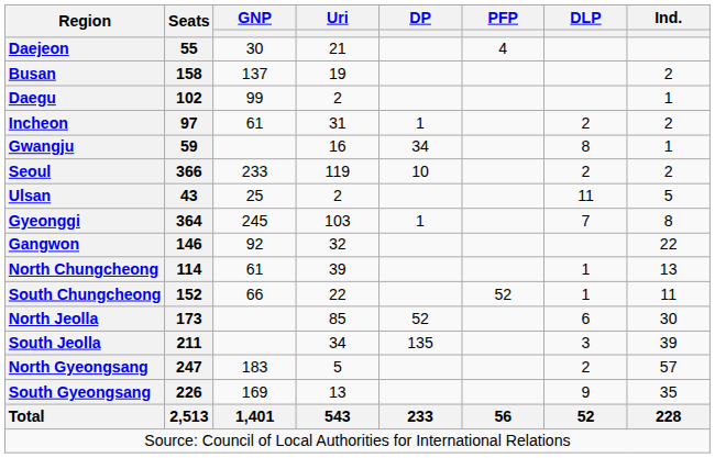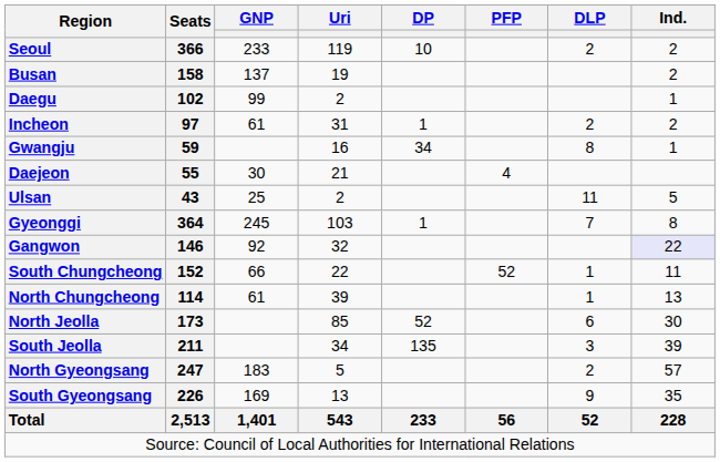 <table class="wikitable" style="text-align:center; font-size: 0.9em;">
 <tr>
 <th rowspan="2">Region</th>
 <th rowspan="2">Seats</th>
 <th class="unsortable" style="width:70px;"><a href='#'>GNP</a></th>
 <th class="unsortable" style="width:70px;"><a href='#'>Uri</a></th>
 <th class="unsortable" style="width:70px;"><a href='#'>DP</a></th>
 <th class="unsortable" style="width:70px;"><a href='#'>PFP</a></th>
 <th class="unsortable" style="width:70px;"><a href='#'>DLP</a></th>
 <th class="unsortable" style="width:70px;">Ind.</th>
 </tr>
 <tr>
 <th style="background:"></th>
 <th style="background:"></th>
 <th style="background:"></th>
 <th style="background:"></th>
 <th style="background:"></th>
 <th style="background:"></th>
 </tr>
 <tr>
-<th style="text-align: left;"><a href='#'>Daejeon</a></th>
-<th>55</th>
-<td>30</td>
-<td>21</td>
+<th style="text-align: left;"><a href='#'>Seoul</a></th>
+<th>366</th>
+<td>233</td>
+<td>119</td>
+<td>10</td>
 <td></td>
-<td>4</td>
-<td></td>
-<td></td>
+<td>2</td>
+<td>2</td>
 </tr>
 <tr>
 <th style="text-align: left;"><a href='#'>Busan</a></th>
 <th>158</th>
 <td>137</td>
 <td>19</td>
 <td></td>
 <td></td>
 <td></td>
 <td>2</td>
 </tr>
 <tr>
 <th style="text-align: left;"><a href='#'>Daegu</a></th>
 <th>102</th>
 <td>99</td>
 <td>2</td>
 <td></td>
 <td></td>
 <td></td>
 <td>1</td>
 </tr>
 <tr>
 <th style="text-align: left;"><a href='#'>Incheon</a></th>
 <th>97</th>
 <td>61</td>
 <td>31</td>
 <td>1</td>
 <td></td>
 <td>2</td>
 <td>2</td>
 </tr>
 <tr>
 <th style="text-align: left;"><a href='#'>Gwangju</a></th>
 <th>59</th>
 <td></td>
 <td>16</td>
 <td>34</td>
 <td></td>
 <td>8</td>
 <td>1</td>
 </tr>
 <tr>
-<th style="text-align: left;"><a href='#'>Seoul</a></th>
-<th>366</th>
-<td>233</td>
-<td>119</td>
-<td>10</td>
+<th style="text-align: left;"><a href='#'>Daejeon</a></th>
+<th>55</th>
+<td>30</td>
+<td>21</td>
 <td></td>
-<td>2</td>
-<td>2</td>
+<td>4</td>
+<td></td>
+<td></td>
 </tr>
 <tr>
 <th style="text-align: left;"><a href='#'>Ulsan</a></th>
 <th>43</th>
 <td>25</td>
 <td>2</td>
 <td></td>
 <td></td>
 <td>11</td>
 <td>5</td>
 </tr>
 <tr>
 <th style="text-align: left;"><a href='#'>Gyeonggi</a></th>
 <th>364</th>
 <td>245</td>
 <td>103</td>
 <td>1</td>
 <td></td>
 <td>7</td>
 <td>8</td>
 </tr>
 <tr>
 <th style="text-align: left;"><a href='#'>Gangwon</a></th>
 <th>146</th>
 <td>92</td>
 <td>32</td>
 <td></td>
 <td></td>
 <td></td>
+<td style="background: lavender;">22</td>
+</tr>
+<tr>
+<th style="text-align: left;"><a href='#'>South Chungcheong</a></th>
+<th>152</th>
+<td>66</td>
 <td>22</td>
+<td></td>
+<td>52</td>
+<td>1</td>
+<td>11</td>
 </tr>
 <tr>
 <th style="text-align: left;"><a href='#'>North Chungcheong</a></th>
 <th>114</th>
 <td>61</td>
 <td>39</td>
 <td></td>
 <td></td>
 <td>1</td>
 <td>13</td>
-</tr>
-<tr>
-<th style="text-align: left;"><a href='#'>South Chungcheong</a></th>
-<th>152</th>
-<td>66</td>
-<td>22</td>
-<td></td>
-<td>52</td>
-<td>1</td>
-<td>11</td>
 </tr>
 <tr>
 <th style="text-align: left;"><a href='#'>North Jeolla</a></th>
 <th>173</th>
 <td></td>
 <td>85</td>
 <td>52</td>
 <td></td>
 <td>6</td>
 <td>30</td>
 </tr>
 <tr>
 <th style="text-align: left;"><a href='#'>South Jeolla</a></th>
 <th>211</th>
 <td></td>
 <td>34</td>
 <td>135</td>
 <td></td>
 <td>3</td>
 <td>39</td>
 </tr>
 <tr>
 <th style="text-align: left;"><a href='#'>North Gyeongsang</a></th>
 <th>247</th>
 <td>183</td>
 <td>5</td>
 <td></td>
 <td></td>
 <td>2</td>
 <td>57</td>
 </tr>
 <tr>
 <th style="text-align: left;"><a href='#'>South Gyeongsang</a></th>
 <th>226</th>
 <td>169</td>
 <td>13</td>
 <td></td>
 <td></td>
 <td>9</td>
 <td>35</td>
 </tr>
 <tr class="sortbottom">
 <th style="text-align: left;">Total</th>
 <th>2,513</th>
 <th>1,401</th>
 <th>543</th>
 <th>233</th>
 <th>56</th>
 <th>52</th>
 <th>228</th>
 </tr>
 <tr>
 <td colspan="8">Source: Council of Local Authorities for International Relations</td>
 </tr>
 </table>
